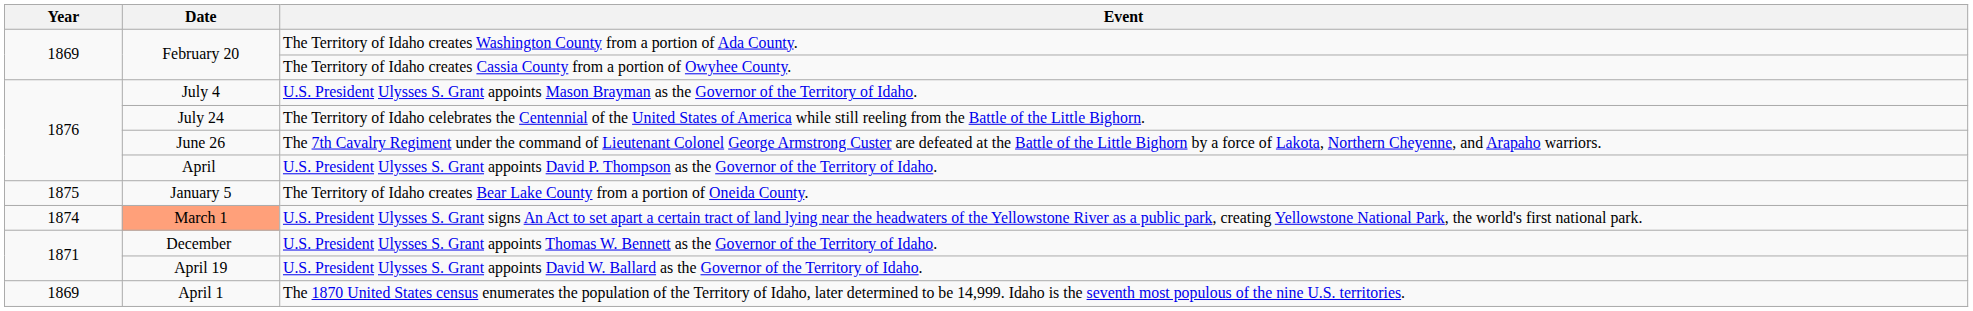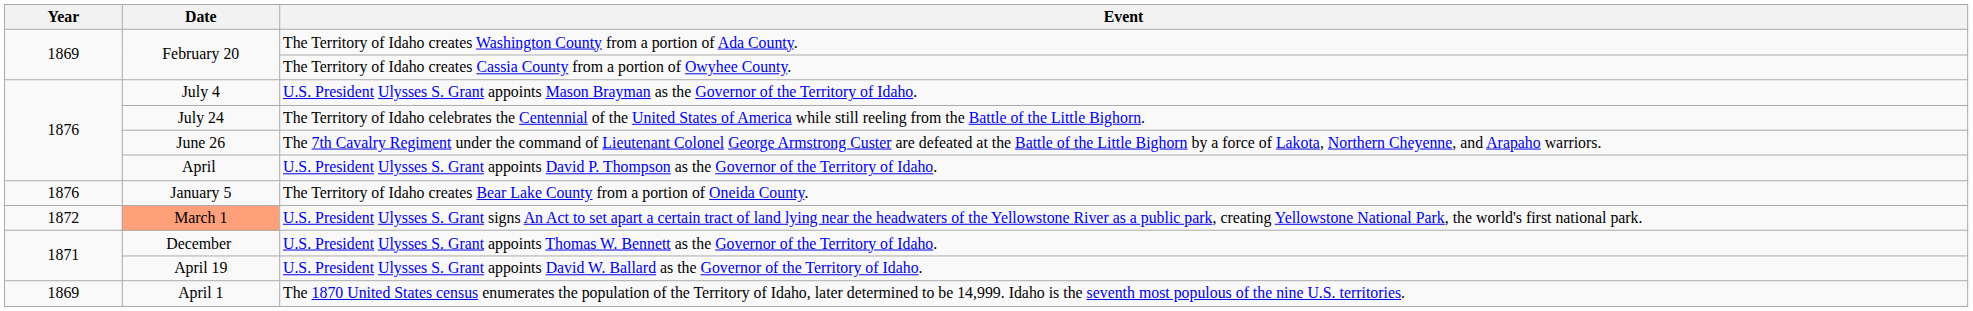 <table class="wikitable" style="width:100%;">
 <tr>
 <th style="width:6%">Year</th>
 <th style="width:8%">Date</th>
 <th style="width:86%">Event</th>
 </tr>
 <tr>
 <td align=center rowspan=2>1869</td>
 <td align=center rowspan=2>February 20</td>
 <td>The Territory of Idaho creates <a href='#'>Washington County</a> from a portion of <a href='#'>Ada County</a>.</td>
 </tr>
 <tr>
 <td>The Territory of Idaho creates <a href='#'>Cassia County</a> from a portion of <a href='#'>Owyhee County</a>.</td>
 </tr>
 <tr>
 <td align=center rowspan=4>1876</td>
 <td align=center>July 4</td>
 <td><a href='#'>U.S. President</a> <a href='#'>Ulysses S. Grant</a> appoints <a href='#'>Mason Brayman</a> as the <a href='#'>Governor of the Territory of Idaho</a>.</td>
 </tr>
 <tr>
 <td align=center>July 24</td>
 <td>The Territory of Idaho celebrates the <a href='#'>Centennial</a> of the <a href='#'>United States of America</a> while still reeling from the <a href='#'>Battle of the Little Bighorn</a>.</td>
 </tr>
 <tr>
 <td align=center>June 26</td>
 <td>The <a href='#'>7th Cavalry Regiment</a> under the command of <a href='#'>Lieutenant Colonel</a> <a href='#'>George Armstrong Custer</a> are defeated at the <a href='#'>Battle of the Little Bighorn</a> by a force of <a href='#'>Lakota</a>, <a href='#'>Northern Cheyenne</a>, and <a href='#'>Arapaho</a> warriors.</td>
 </tr>
 <tr>
 <td align=center>April </td>
 <td><a href='#'>U.S. President</a> <a href='#'>Ulysses S. Grant</a> appoints <a href='#'>David P. Thompson</a> as the <a href='#'>Governor of the Territory of Idaho</a>.</td>
 </tr>
 <tr>
-<td align=center rowspan=1>1875</td>
+<td align=center rowspan=1>1876</td>
 <td align=center>January 5</td>
 <td>The Territory of Idaho creates <a href='#'>Bear Lake County</a> from a portion of <a href='#'>Oneida County</a>.</td>
 </tr>
 <tr>
-<td align=center rowspan=1>1874</td>
+<td align=center rowspan=1>1872</td>
 <td align=center style="background: lightsalmon;">March 1</td>
 <td><a href='#'>U.S. President</a> <a href='#'>Ulysses S. Grant</a> signs <a href='#'>An Act to set apart a certain tract of land lying near the headwaters of the Yellowstone River as a public park</a>, creating <a href='#'>Yellowstone National Park</a>, the world's first national park.</td>
 </tr>
 <tr>
 <td align=center rowspan=2>1871</td>
 <td align=center>December </td>
 <td><a href='#'>U.S. President</a> <a href='#'>Ulysses S. Grant</a> appoints <a href='#'>Thomas W. Bennett</a> as the <a href='#'>Governor of the Territory of Idaho</a>.</td>
 </tr>
 <tr>
 <td align=center>April 19</td>
 <td><a href='#'>U.S. President</a> <a href='#'>Ulysses S. Grant</a> appoints <a href='#'>David W. Ballard</a> as the <a href='#'>Governor of the Territory of Idaho</a>.</td>
 </tr>
 <tr>
 <td align=center rowspan=1>1869</td>
 <td align=center>April 1</td>
 <td>The <a href='#'>1870 United States census</a> enumerates the population of the Territory of Idaho, later determined to be 14,999. Idaho is the <a href='#'>seventh most populous of the nine U.S. territories</a>.</td>
 </tr>
 </table>
